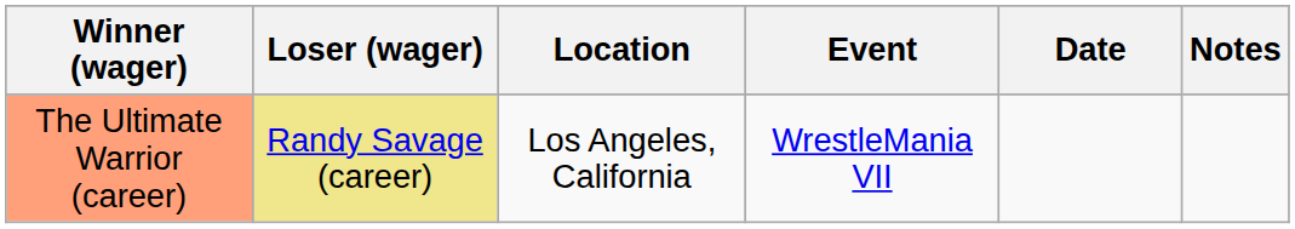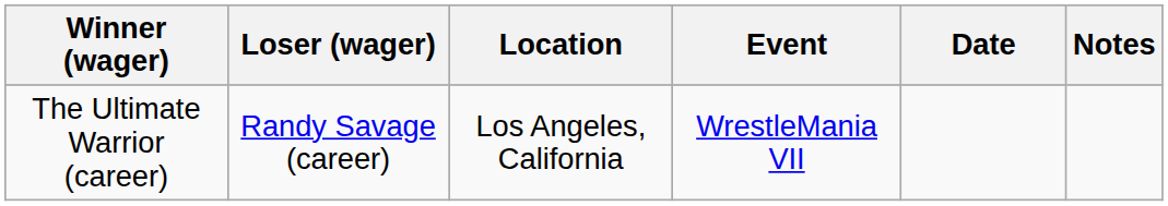 <table class="wikitable sortable"  style="width:100%; text-align:center;">
 <tr>
 <th style="width:20%;" scope="col">Winner (wager)</th>
 <th style="width:20%;" scope="col">Loser (wager)</th>
 <th style="width:20%;" scope="col">Location</th>
 <th style="width:20%;" scope="col">Event</th>
 <th style="width:15%;" scope="col">Date</th>
 <th class="unsortable"  style="width:5%;" scope="col">Notes</th>
 </tr>
 <tr>
-<td style="background: lightsalmon;">The Ultimate Warrior (career)</td>
-<td style="background: khaki;"><a href='#'>Randy Savage</a> (career)</td>
+<td>The Ultimate Warrior (career)</td>
+<td><a href='#'>Randy Savage</a> (career)</td>
 <td>Los Angeles, California</td>
 <td><a href='#'>WrestleMania VII</a></td>
 <td></td>
 <td></td>
 </tr>
 </table>
